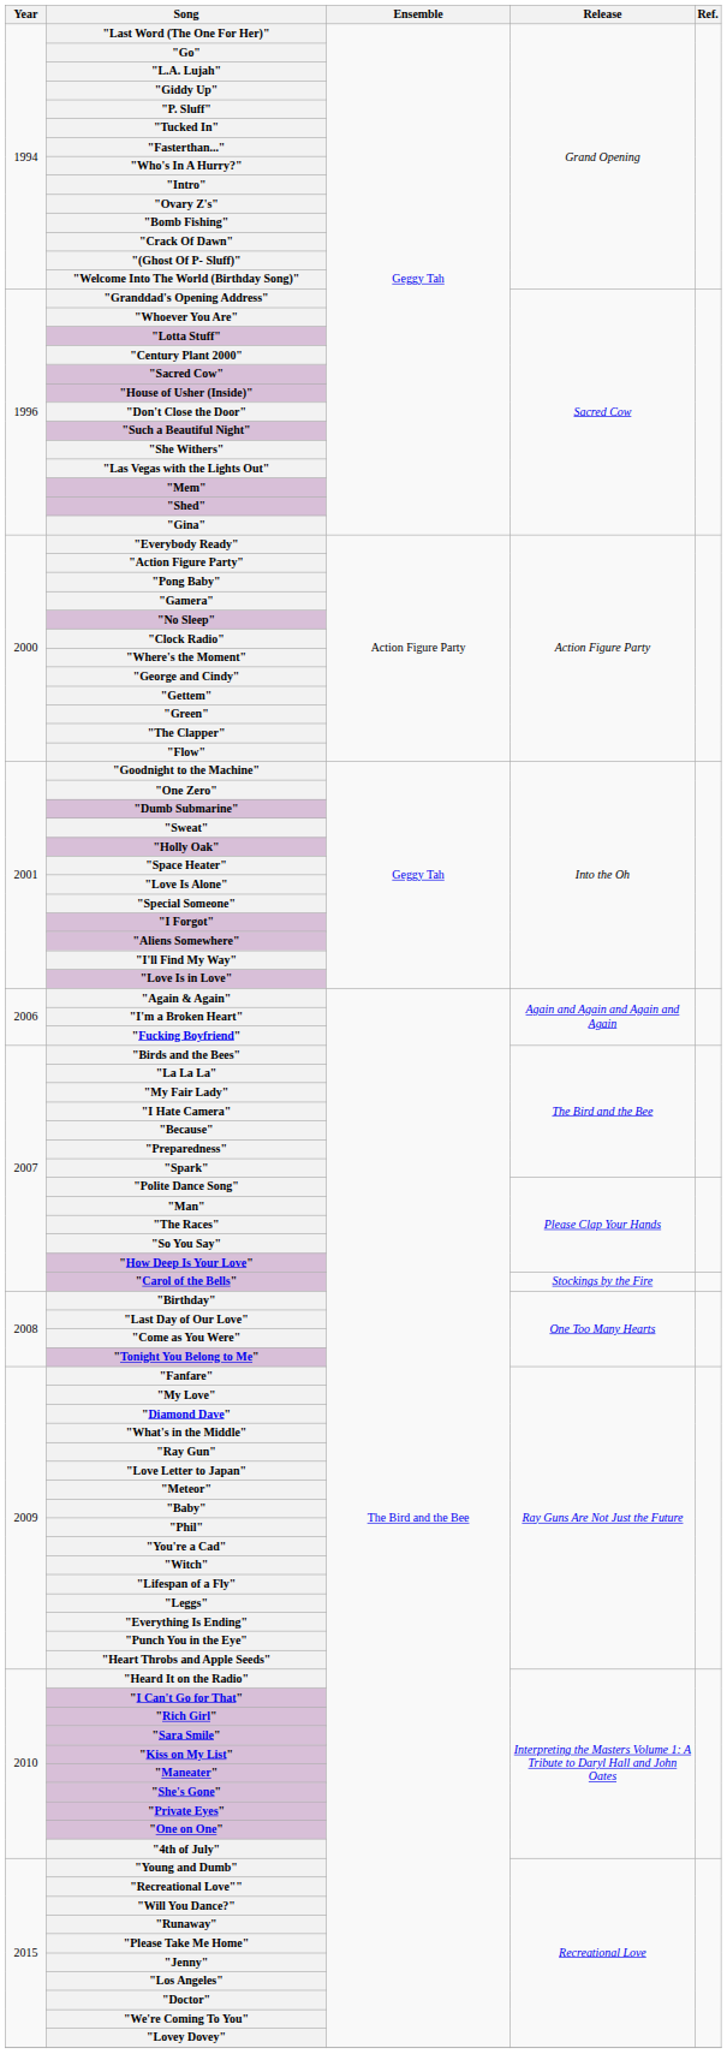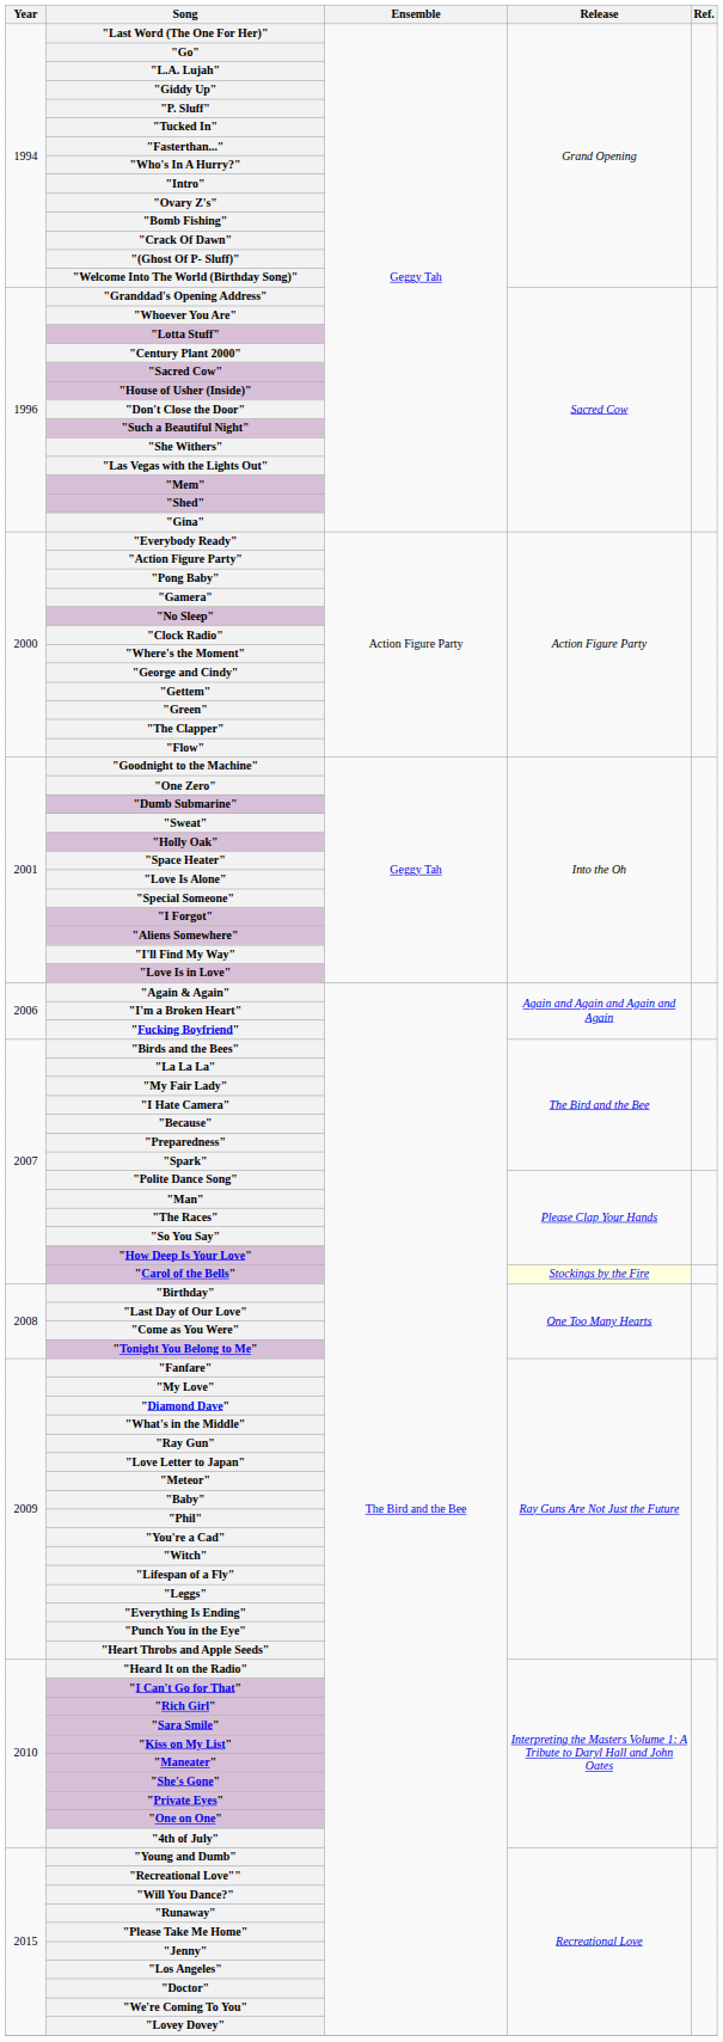 <table class="wikitable plainrowheaders" style="text-align:center;">
 <tr>
 <th scope="col" style="width:3em;">Year</th>
 <th scope="col" style="width:23em;">Song</th>
 <th scope="col" style="width:15em;">Ensemble</th>
 <th scope="col" style="width:15em;">Release</th>
 <th scope="col" style="width:1em;">Ref.</th>
 </tr>
 <tr>
 <td rowspan="14">1994</td>
 <th scope=row>"Last Word (The One For Her)"</th>
 <td rowspan="27"><a href='#'>Geggy Tah</a></td>
 <td rowspan="14"><em>Grand Opening</em></td>
 <td rowspan="14"></td>
 </tr>
 <tr>
 <th scope=row>"Go"</th>
 </tr>
 <tr>
 <th scope=row>"L.A. Lujah"</th>
 </tr>
 <tr>
 <th scope=row>"Giddy Up"</th>
 </tr>
 <tr>
 <th scope=row>"P. Sluff"</th>
 </tr>
 <tr>
 <th scope=row>"Tucked In"</th>
 </tr>
 <tr>
 <th scope=row>"Fasterthan..."</th>
 </tr>
 <tr>
 <th scope=row>"Who's In A Hurry?"</th>
 </tr>
 <tr>
 <th scope=row>"Intro"</th>
 </tr>
 <tr>
 <th scope=row>"Ovary Z's"</th>
 </tr>
 <tr>
 <th scope=row>"Bomb Fishing"</th>
 </tr>
 <tr>
 <th scope=row>"Crack Of Dawn"</th>
 </tr>
 <tr>
 <th scope=row>"(Ghost Of P- Sluff)"</th>
 </tr>
 <tr>
 <th scope=row>"Welcome Into The World (Birthday Song)"</th>
 </tr>
 <tr>
 <td rowspan="13">1996</td>
 <th scope=row>"Granddad's Opening Address"</th>
 <td rowspan="13"><em><a href='#'>Sacred Cow</a></em></td>
 <td rowspan="13"></td>
 </tr>
 <tr>
 <th scope=row>"Whoever You Are"</th>
 </tr>
 <tr>
 <th scope=row style="background:thistle;">"Lotta Stuff" </th>
 </tr>
 <tr>
 <th scope=row>"Century Plant 2000"</th>
 </tr>
 <tr>
 <th scope=row style="background:thistle;">"Sacred Cow" </th>
 </tr>
 <tr>
 <th scope=row style="background:thistle;">"House of Usher (Inside)" </th>
 </tr>
 <tr>
 <th scope=row>"Don't Close the Door"</th>
 </tr>
 <tr>
 <th scope=row style="background:thistle;">"Such a Beautiful Night" </th>
 </tr>
 <tr>
 <th scope=row>"She Withers"</th>
 </tr>
 <tr>
 <th scope=row>"Las Vegas with the Lights Out"</th>
 </tr>
 <tr>
 <th scope=row style="background:thistle;">"Mem" </th>
 </tr>
 <tr>
 <th scope=row style="background:thistle;">"Shed" </th>
 </tr>
 <tr>
 <th scope=row>"Gina"</th>
 </tr>
 <tr>
 <td rowspan="12">2000</td>
 <th scope=row>"Everybody Ready"</th>
 <td rowspan="12">Action Figure Party</td>
 <td rowspan="12"><em>Action Figure Party</em></td>
 <td rowspan="12"></td>
 </tr>
 <tr>
 <th scope=row>"Action Figure Party"</th>
 </tr>
 <tr>
 <th scope=row>"Pong Baby"</th>
 </tr>
 <tr>
 <th scope=row>"Gamera"</th>
 </tr>
 <tr>
 <th scope=row style="background:thistle;">"No Sleep" </th>
 </tr>
 <tr>
 <th scope=row>"Clock Radio"</th>
 </tr>
 <tr>
 <th scope=row>"Where's the Moment"</th>
 </tr>
 <tr>
 <th scope=row>"George and Cindy"</th>
 </tr>
 <tr>
 <th scope=row>"Gettem"</th>
 </tr>
 <tr>
 <th scope=row>"Green"</th>
 </tr>
 <tr>
 <th scope=row>"The Clapper"</th>
 </tr>
 <tr>
 <th scope=row>"Flow"</th>
 </tr>
 <tr>
 <td rowspan="12">2001</td>
 <th scope=row>"Goodnight to the Machine"</th>
 <td rowspan="12"><a href='#'>Geggy Tah</a></td>
 <td rowspan="12"><em>Into the Oh</em></td>
 <td rowspan="12"></td>
 </tr>
 <tr>
 <th scope=row>"One Zero"</th>
 </tr>
 <tr>
 <th scope=row style="background:thistle;">"Dumb Submarine" </th>
 </tr>
 <tr>
 <th scope=row>"Sweat"</th>
 </tr>
 <tr>
 <th scope=row style="background:thistle;">"Holly Oak" </th>
 </tr>
 <tr>
 <th scope=row>"Space Heater"</th>
 </tr>
 <tr>
 <th scope=row>"Love Is Alone"</th>
 </tr>
 <tr>
 <th scope=row>"Special Someone"</th>
 </tr>
 <tr>
 <th scope=row style="background:thistle;">"I Forgot" </th>
 </tr>
 <tr>
 <th scope=row style="background:thistle;">"Aliens Somewhere" </th>
 </tr>
 <tr>
 <th scope=row>"I'll Find My Way"</th>
 </tr>
 <tr>
 <th scope=row style="background:thistle;">"Love Is in Love" </th>
 </tr>
 <tr>
 <td rowspan="3">2006</td>
 <th scope=row>"Again & Again"</th>
 <td rowspan="56"><a href='#'>The Bird and the Bee</a></td>
 <td rowspan="3"><em><a href='#'>Again and Again and Again and Again</a></em></td>
 <td rowspan="3"></td>
 </tr>
 <tr>
 <th scope=row>"I'm a Broken Heart"</th>
 </tr>
 <tr>
 <th scope=row>"<a href='#'>Fucking Boyfriend</a>"</th>
 </tr>
 <tr>
 <td rowspan="13">2007</td>
 <th scope=row>"Birds and the Bees"</th>
 <td rowspan="7"><em><a href='#'>The Bird and the Bee</a></em></td>
 <td rowspan="7"></td>
 </tr>
 <tr>
 <th scope=row>"La La La"</th>
 </tr>
 <tr>
 <th scope=row>"My Fair Lady"</th>
 </tr>
 <tr>
 <th scope=row>"I Hate Camera"</th>
 </tr>
 <tr>
 <th scope=row>"Because"</th>
 </tr>
 <tr>
 <th scope=row>"Preparedness"</th>
 </tr>
 <tr>
 <th scope=row>"Spark"</th>
 </tr>
 <tr>
 <th scope=row>"Polite Dance Song"</th>
 <td rowspan="5"><em><a href='#'>Please Clap Your Hands</a></em></td>
 <td rowspan="5"></td>
 </tr>
 <tr>
 <th scope=row>"Man"</th>
 </tr>
 <tr>
 <th scope=row>"The Races"</th>
 </tr>
 <tr>
 <th scope=row>"So You Say"</th>
 </tr>
 <tr>
 <th scope=row style="background:thistle;">"<a href='#'>How Deep Is Your Love</a>"</th>
 </tr>
 <tr>
 <th scope=row style="background:thistle;">"<a href='#'>Carol of the Bells</a>" </th>
-<td><em><a href='#'>Stockings by the Fire</a></em></td>
+<td style="background: lightyellow;"><em><a href='#'>Stockings by the Fire</a></em></td>
 <td></td>
 </tr>
 <tr>
 <td rowspan="4">2008</td>
 <th scope=row>"Birthday"</th>
 <td rowspan="4"><em><a href='#'>One Too Many Hearts</a></em></td>
 <td rowspan="4"></td>
 </tr>
 <tr>
 <th scope=row>"Last Day of Our Love"</th>
 </tr>
 <tr>
 <th scope=row>"Come as You Were"</th>
 </tr>
 <tr>
 <th scope=row style="background:thistle;">"<a href='#'>Tonight You Belong to Me</a>" </th>
 </tr>
 <tr>
 <td rowspan="16">2009</td>
 <th scope=row>"Fanfare"</th>
 <td rowspan="16"><em><a href='#'>Ray Guns Are Not Just the Future</a></em></td>
 <td rowspan="16"></td>
 </tr>
 <tr>
 <th scope=row>"My Love"</th>
 </tr>
 <tr>
 <th scope=row>"<a href='#'>Diamond Dave</a>"</th>
 </tr>
 <tr>
 <th scope=row>"What's in the Middle"</th>
 </tr>
 <tr>
 <th scope=row>"Ray Gun"</th>
 </tr>
 <tr>
 <th scope=row>"Love Letter to Japan"</th>
 </tr>
 <tr>
 <th scope=row>"Meteor"</th>
 </tr>
 <tr>
 <th scope=row>"Baby"</th>
 </tr>
 <tr>
 <th scope=row>"Phil"</th>
 </tr>
 <tr>
 <th scope=row>"You're a Cad"</th>
 </tr>
 <tr>
 <th scope=row>"Witch"</th>
 </tr>
 <tr>
 <th scope=row>"Lifespan of a Fly"</th>
 </tr>
 <tr>
 <th scope=row>"Leggs"</th>
 </tr>
 <tr>
 <th scope=row>"Everything Is Ending"</th>
 </tr>
 <tr>
 <th scope=row>"Punch You in the Eye"</th>
 </tr>
 <tr>
 <th scope=row>"Heart Throbs and Apple Seeds"</th>
 </tr>
 <tr>
 <td rowspan="10">2010</td>
 <th scope=row>"Heard It on the Radio"</th>
 <td rowspan="10"><em><a href='#'>Interpreting the Masters Volume 1: A Tribute to Daryl Hall and John Oates</a></em></td>
 <td rowspan="10"></td>
 </tr>
 <tr>
 <th scope=row style="background:thistle;">"<a href='#'>I Can't Go for That</a>" </th>
 </tr>
 <tr>
 <th scope=row style="background:thistle;">"<a href='#'>Rich Girl</a>" </th>
 </tr>
 <tr>
 <th scope=row style="background:thistle;">"<a href='#'>Sara Smile</a>" </th>
 </tr>
 <tr>
 <th scope=row style="background:thistle;">"<a href='#'>Kiss on My List</a>" </th>
 </tr>
 <tr>
 <th scope=row style="background:thistle;">"<a href='#'>Maneater</a>" </th>
 </tr>
 <tr>
 <th scope=row style="background:thistle;">"<a href='#'>She's Gone</a>" </th>
 </tr>
 <tr>
 <th scope=row style="background:thistle;">"<a href='#'>Private Eyes</a>" </th>
 </tr>
 <tr>
 <th scope=row style="background:thistle;">"<a href='#'>One on One</a>" </th>
 </tr>
 <tr>
 <th scope=row>"4th of July"</th>
 </tr>
 <tr>
 <td rowspan="10">2015</td>
 <th scope=row>"Young and Dumb"</th>
 <td rowspan="10"><em><a href='#'>Recreational Love</a></em></td>
 <td rowspan="10"></td>
 </tr>
 <tr>
 <th scope=row>"Recreational Love""</th>
 </tr>
 <tr>
 <th scope=row>"Will You Dance?"</th>
 </tr>
 <tr>
 <th scope=row>"Runaway"</th>
 </tr>
 <tr>
 <th scope=row>"Please Take Me Home"</th>
 </tr>
 <tr>
 <th scope=row>"Jenny"</th>
 </tr>
 <tr>
 <th scope=row>"Los Angeles"</th>
 </tr>
 <tr>
 <th scope=row>"Doctor"</th>
 </tr>
 <tr>
 <th scope=row>"We're Coming To You"</th>
 </tr>
 <tr>
 <th scope=row>"Lovey Dovey"</th>
 </tr>
 <tr>
 </tr>
 </table>
